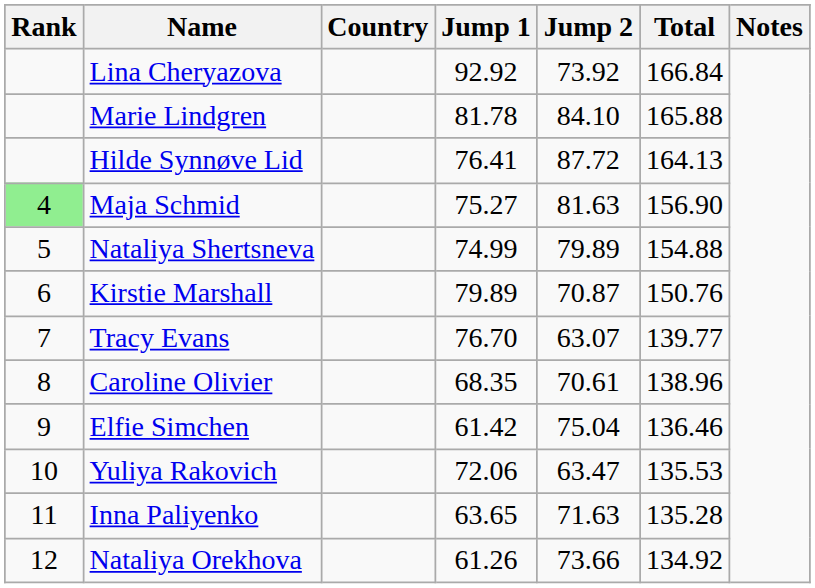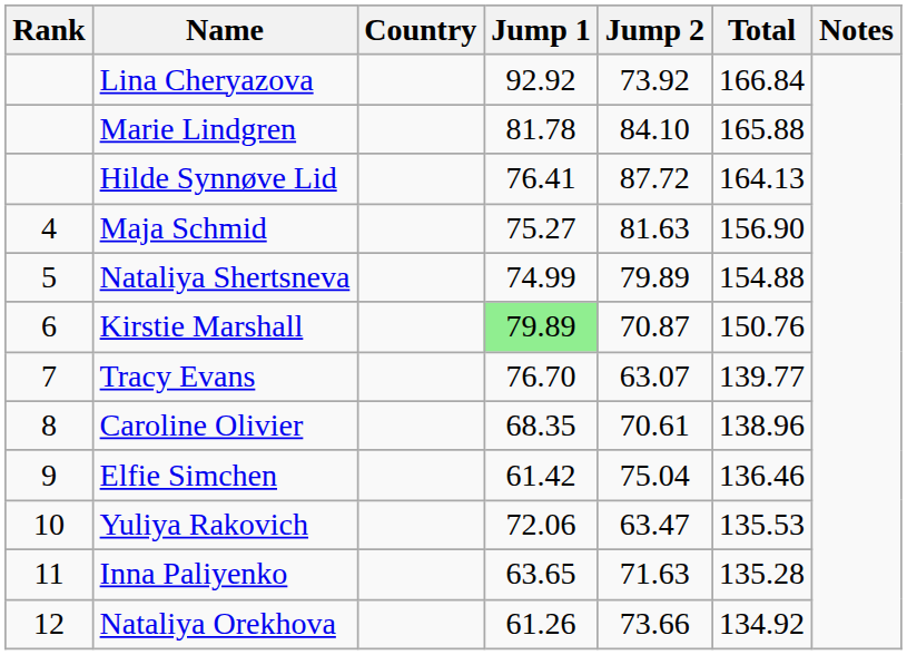 <table class="wikitable sortable" style="text-align:center">
 <tr>
 <th>Rank</th>
 <th>Name</th>
 <th>Country</th>
 <th>Jump 1</th>
 <th>Jump 2</th>
 <th>Total</th>
 <th>Notes</th>
 </tr>
 <tr>
 <td></td>
 <td align=left><a href='#'>Lina Cheryazova</a></td>
 <td align=left></td>
 <td>92.92</td>
 <td>73.92</td>
 <td>166.84</td>
 </tr>
 <tr>
 <td></td>
 <td align=left><a href='#'>Marie Lindgren</a></td>
 <td align=left></td>
 <td>81.78</td>
 <td>84.10</td>
 <td>165.88</td>
 </tr>
 <tr>
 <td></td>
 <td align=left><a href='#'>Hilde Synnøve Lid</a></td>
 <td align=left></td>
 <td>76.41</td>
 <td>87.72</td>
 <td>164.13</td>
 </tr>
 <tr>
-<td style="background: lightgreen;">4</td>
+<td>4</td>
 <td align=left><a href='#'>Maja Schmid</a></td>
 <td align=left></td>
 <td>75.27</td>
 <td>81.63</td>
 <td>156.90</td>
 </tr>
 <tr>
 <td>5</td>
 <td align=left><a href='#'>Nataliya Shertsneva</a></td>
 <td align=left></td>
 <td>74.99</td>
 <td>79.89</td>
 <td>154.88</td>
 </tr>
 <tr>
 <td>6</td>
 <td align=left><a href='#'>Kirstie Marshall</a></td>
 <td align=left></td>
-<td>79.89</td>
+<td style="background: lightgreen;">79.89</td>
 <td>70.87</td>
 <td>150.76</td>
 </tr>
 <tr>
 <td>7</td>
 <td align=left><a href='#'>Tracy Evans</a></td>
 <td align=left></td>
 <td>76.70</td>
 <td>63.07</td>
 <td>139.77</td>
 </tr>
 <tr>
 <td>8</td>
 <td align=left><a href='#'>Caroline Olivier</a></td>
 <td align=left></td>
 <td>68.35</td>
 <td>70.61</td>
 <td>138.96</td>
 </tr>
 <tr>
 <td>9</td>
 <td align=left><a href='#'>Elfie Simchen</a></td>
 <td align=left></td>
 <td>61.42</td>
 <td>75.04</td>
 <td>136.46</td>
 </tr>
 <tr>
 <td>10</td>
 <td align=left><a href='#'>Yuliya Rakovich</a></td>
 <td align=left></td>
 <td>72.06</td>
 <td>63.47</td>
 <td>135.53</td>
 </tr>
 <tr>
 <td>11</td>
 <td align=left><a href='#'>Inna Paliyenko</a></td>
 <td align=left></td>
 <td>63.65</td>
 <td>71.63</td>
 <td>135.28</td>
 </tr>
 <tr>
 <td>12</td>
 <td align=left><a href='#'>Nataliya Orekhova</a></td>
 <td align=left></td>
 <td>61.26</td>
 <td>73.66</td>
 <td>134.92</td>
 </tr>
 </table>
